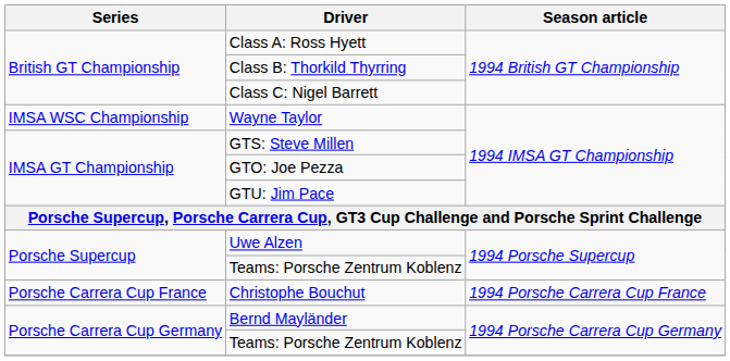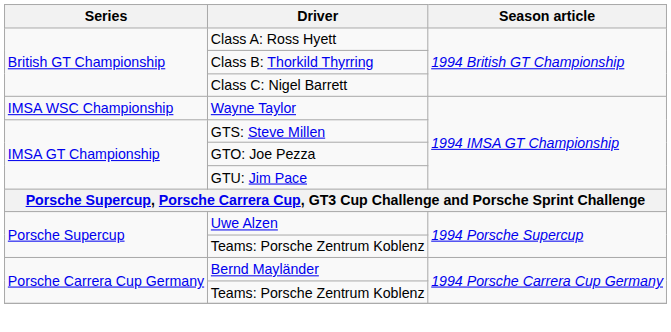 <table class="wikitable" style="font-size: 87%;">
 <tr>
 <th>Series</th>
 <th>Driver</th>
 <th>Season article</th>
 </tr>
 <tr>
 <td rowspan=3><a href='#'>British GT Championship</a></td>
 <td>Class A:  Ross Hyett</td>
 <td rowspan=3><em><a href='#'>1994 British GT Championship</a></em></td>
 </tr>
 <tr>
 <td>Class B:  <a href='#'>Thorkild Thyrring</a></td>
 </tr>
 <tr>
 <td>Class C:  Nigel Barrett</td>
 </tr>
 <tr>
 <td><a href='#'>IMSA WSC Championship</a></td>
 <td> <a href='#'>Wayne Taylor</a></td>
 <td rowspan=4><em><a href='#'>1994 IMSA GT Championship</a></em></td>
 </tr>
 <tr>
 <td rowspan=3><a href='#'>IMSA GT Championship</a></td>
 <td>GTS:  <a href='#'>Steve Millen</a></td>
 </tr>
 <tr>
 <td>GTO:  Joe Pezza</td>
 </tr>
 <tr>
 <td>GTU:  <a href='#'>Jim Pace</a></td>
 </tr>
 <tr>
 <th colspan="3"><a href='#'>Porsche Supercup</a>, <a href='#'>Porsche Carrera Cup</a>, GT3 Cup Challenge and Porsche Sprint Challenge</th>
 </tr>
 <tr>
 <td rowspan=2><a href='#'>Porsche Supercup</a></td>
 <td> <a href='#'>Uwe Alzen</a></td>
 <td rowspan=2><em><a href='#'>1994 Porsche Supercup</a></em></td>
 </tr>
 <tr>
 <td>Teams:  Porsche Zentrum Koblenz</td>
 </tr>
 <tr>
-<td><a href='#'>Porsche Carrera Cup France</a></td>
-<td> <a href='#'>Christophe Bouchut</a></td>
-<td><em><a href='#'>1994 Porsche Carrera Cup France</a></em></td>
-</tr>
-<tr>
 <td rowspan=2><a href='#'>Porsche Carrera Cup Germany</a></td>
 <td> <a href='#'>Bernd Mayländer</a></td>
 <td rowspan=2><em><a href='#'>1994 Porsche Carrera Cup Germany</a></em></td>
 </tr>
 <tr>
 <td>Teams:  Porsche Zentrum Koblenz</td>
 </tr>
 <tr>
 </tr>
 </table>
